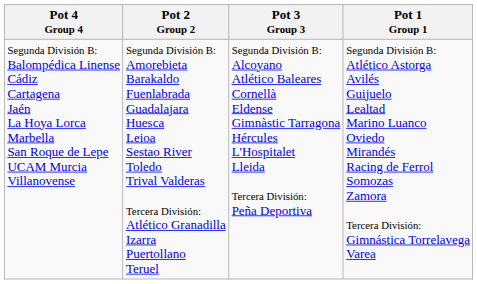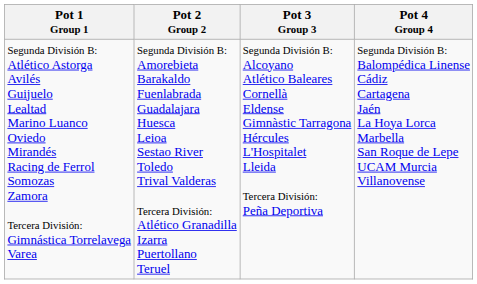 <table class="wikitable">
 <tr>
-<th>Pot 4<br><small>Group 4</small></th>
+<th>Pot 1<br><small>Group 1</small></th>
 <th>Pot 2<br><small>Group 2</small></th>
 <th>Pot 3<br><small>Group 3</small></th>
-<th>Pot 1<br><small>Group 1</small></th>
+<th>Pot 4<br><small>Group 4</small></th>
 </tr>
 <tr>
-<td valign=top><small>Segunda División B:</small><br><a href='#'>Balompédica Linense</a><br><a href='#'>Cádiz</a><br><a href='#'>Cartagena</a><br><a href='#'>Jaén</a><br><a href='#'>La Hoya Lorca</a><br><a href='#'>Marbella</a><br><a href='#'>San Roque de Lepe</a><br><a href='#'>UCAM Murcia</a><br><a href='#'>Villanovense</a></td>
+<td valign=top><small>Segunda División B:</small><br><a href='#'>Atlético Astorga</a><br><a href='#'>Avilés</a><br><a href='#'>Guijuelo</a><br><a href='#'>Lealtad</a><br><a href='#'>Marino Luanco</a> <br><a href='#'>Oviedo</a><br><a href='#'>Mirandés</a><br><a href='#'>Racing de Ferrol</a><br><a href='#'>Somozas</a><br><a href='#'>Zamora</a><br><br><small>Tercera División:</small><br><a href='#'>Gimnástica Torrelavega</a><br><a href='#'>Varea</a></td>
 <td valign=top><small>Segunda División B:</small><br><a href='#'>Amorebieta</a><br><a href='#'>Barakaldo</a><br><a href='#'>Fuenlabrada</a><br><a href='#'>Guadalajara</a><br><a href='#'>Huesca</a><br><a href='#'>Leioa</a><br><a href='#'>Sestao River</a><br><a href='#'>Toledo</a><br><a href='#'>Trival Valderas</a><br><br><small>Tercera División:</small><br><a href='#'>Atlético Granadilla</a><br><a href='#'>Izarra</a><br><a href='#'>Puertollano</a><br><a href='#'>Teruel</a></td>
 <td valign=top><small>Segunda División B:</small><br><a href='#'>Alcoyano</a><br><a href='#'>Atlético Baleares</a><br><a href='#'>Cornellà</a><br><a href='#'>Eldense</a><br><a href='#'>Gimnàstic Tarragona</a><br><a href='#'>Hércules</a><br><a href='#'>L'Hospitalet</a><br><a href='#'>Lleida</a><br><br><small>Tercera División:</small><br><a href='#'>Peña Deportiva</a></td>
-<td valign=top><small>Segunda División B:</small><br><a href='#'>Atlético Astorga</a><br><a href='#'>Avilés</a><br><a href='#'>Guijuelo</a><br><a href='#'>Lealtad</a><br><a href='#'>Marino Luanco</a> <br><a href='#'>Oviedo</a><br><a href='#'>Mirandés</a><br><a href='#'>Racing de Ferrol</a><br><a href='#'>Somozas</a><br><a href='#'>Zamora</a><br><br><small>Tercera División:</small><br><a href='#'>Gimnástica Torrelavega</a><br><a href='#'>Varea</a></td>
+<td valign=top><small>Segunda División B:</small><br><a href='#'>Balompédica Linense</a><br><a href='#'>Cádiz</a><br><a href='#'>Cartagena</a><br><a href='#'>Jaén</a><br><a href='#'>La Hoya Lorca</a><br><a href='#'>Marbella</a><br><a href='#'>San Roque de Lepe</a><br><a href='#'>UCAM Murcia</a><br><a href='#'>Villanovense</a></td>
 </tr>
 </table>
